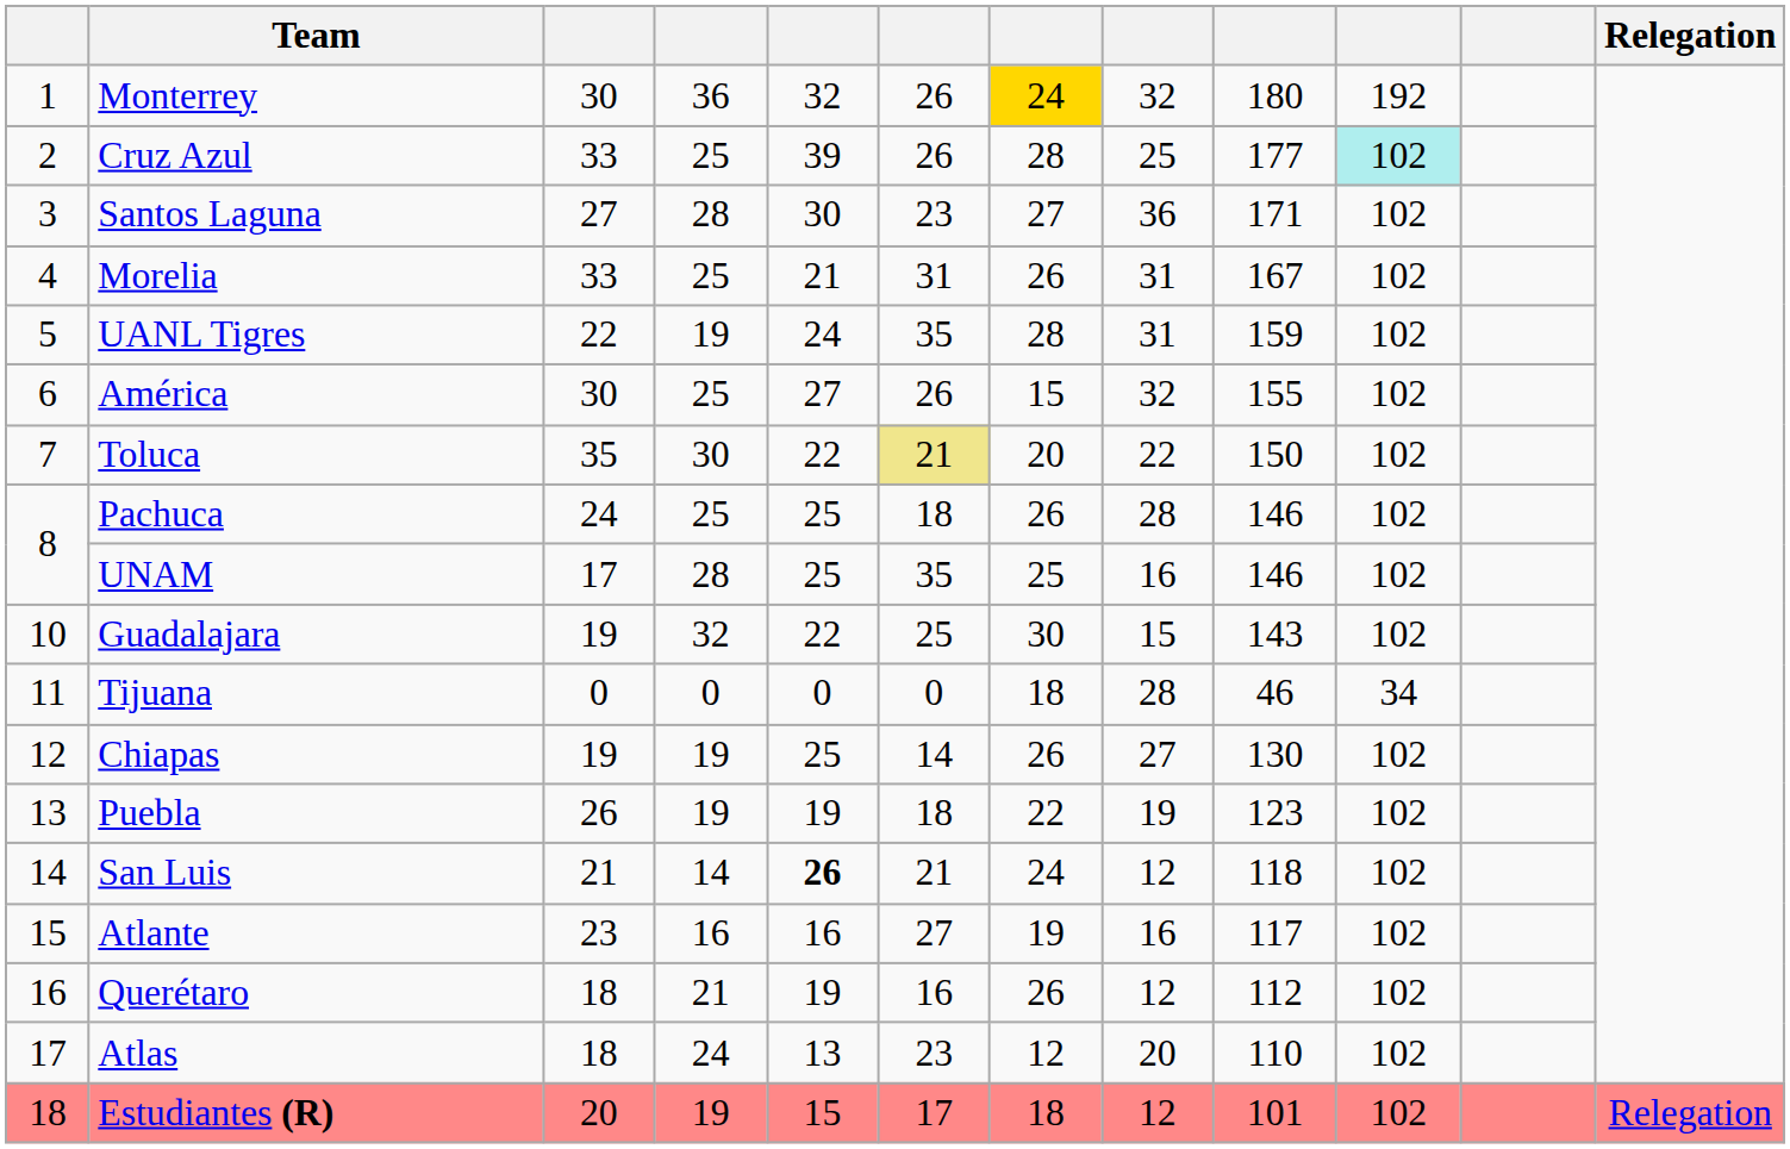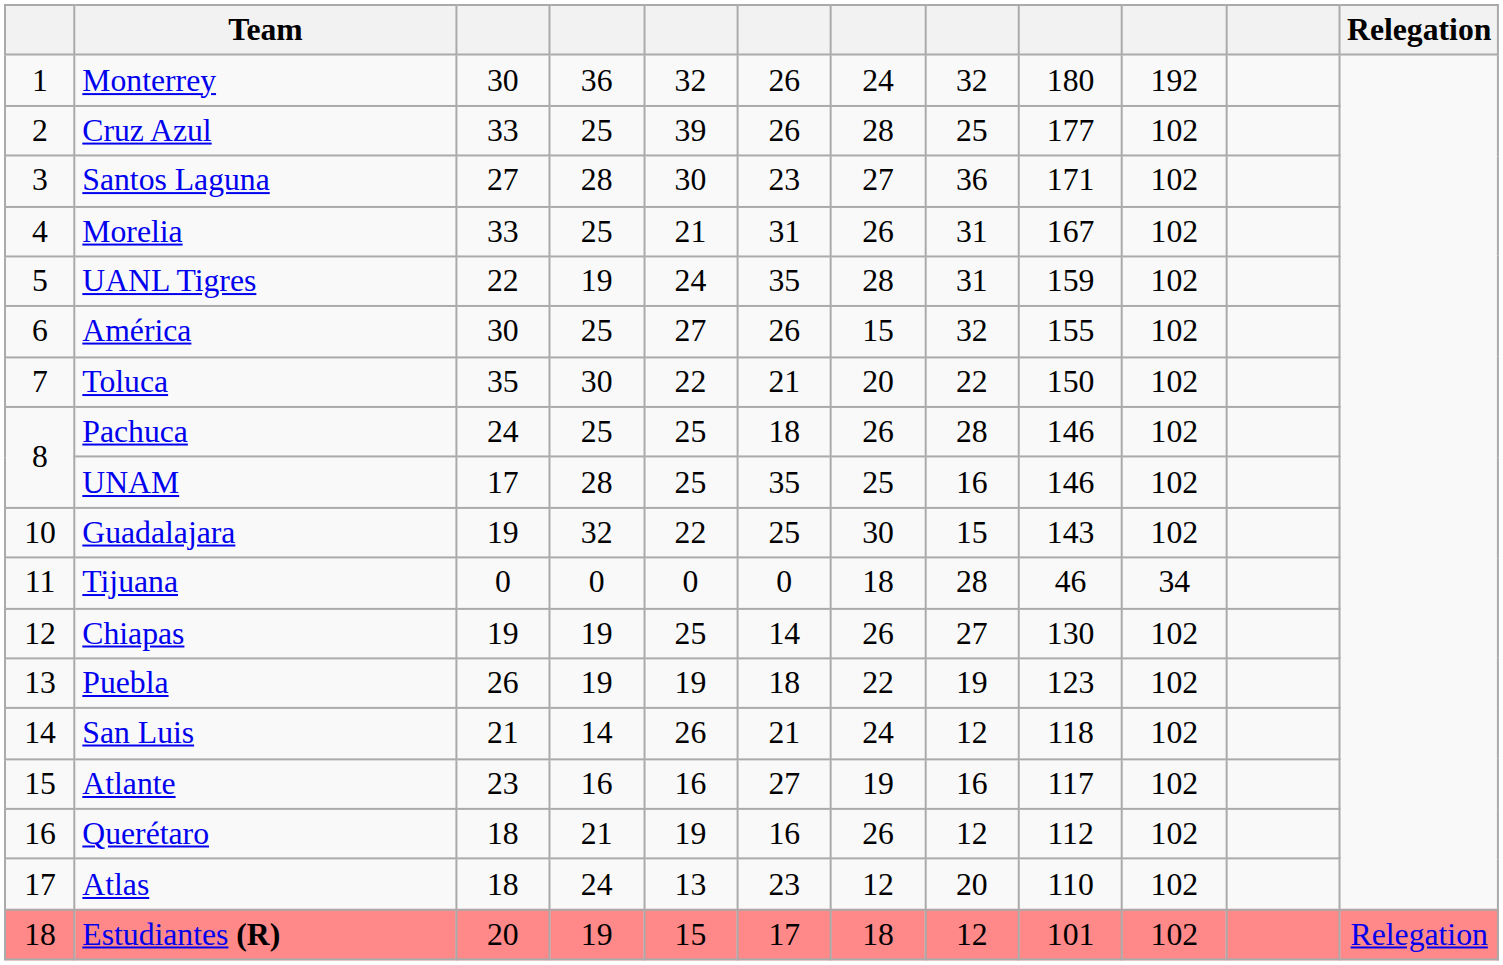 <table class="wikitable sortable" style="text-align: center;">
 <tr>
 <th width=28><br></th>
 <th width=185>Team</th>
 <th width=40></th>
 <th width=40></th>
 <th width=40></th>
 <th width=40></th>
 <th width=40></th>
 <th width=40></th>
 <th width=45></th>
 <th width=45></th>
 <th width=50><br></th>
 <th>Relegation</th>
 </tr>
 <tr>
 <td>1</td>
 <td align=left><a href='#'>Monterrey</a></td>
 <td>30</td>
 <td>36</td>
 <td>32</td>
 <td>26</td>
-<td style="background: gold;">24</td>
+<td>24</td>
 <td>32</td>
 <td>180</td>
 <td>192</td>
 <td><strong></strong></td>
 </tr>
 <tr>
 <td>2</td>
 <td align=left><a href='#'>Cruz Azul</a></td>
 <td>33</td>
 <td>25</td>
 <td>39</td>
 <td>26</td>
 <td>28</td>
 <td>25</td>
 <td>177</td>
-<td style="background: paleturquoise;">102</td>
+<td>102</td>
 <td><strong></strong></td>
 </tr>
 <tr>
 <td>3</td>
 <td align=left><a href='#'>Santos Laguna</a></td>
 <td>27</td>
 <td>28</td>
 <td>30</td>
 <td>23</td>
 <td>27</td>
 <td>36</td>
 <td>171</td>
 <td>102</td>
 <td><strong></strong></td>
 </tr>
 <tr>
 <td>4</td>
 <td align=left><a href='#'>Morelia</a></td>
 <td>33</td>
 <td>25</td>
 <td>21</td>
 <td>31</td>
 <td>26</td>
 <td>31</td>
 <td>167</td>
 <td>102</td>
 <td><strong></strong></td>
 </tr>
 <tr>
 <td>5</td>
 <td align=left><a href='#'>UANL Tigres</a></td>
 <td>22</td>
 <td>19</td>
 <td>24</td>
 <td>35</td>
 <td>28</td>
 <td>31</td>
 <td>159</td>
 <td>102</td>
 <td><strong></strong></td>
 </tr>
 <tr>
 <td>6</td>
 <td align=left><a href='#'>América</a></td>
 <td>30</td>
 <td>25</td>
 <td>27</td>
 <td>26</td>
 <td>15</td>
 <td>32</td>
 <td>155</td>
 <td>102</td>
 <td><strong></strong></td>
 </tr>
 <tr>
 <td>7</td>
 <td align=left><a href='#'>Toluca</a></td>
 <td>35</td>
 <td>30</td>
 <td>22</td>
-<td style="background: khaki;">21</td>
+<td>21</td>
 <td>20</td>
 <td>22</td>
 <td>150</td>
 <td>102</td>
 <td><strong></strong></td>
 </tr>
 <tr>
 <td rowspan=2>8</td>
 <td align=left><a href='#'>Pachuca</a></td>
 <td>24</td>
 <td>25</td>
 <td>25</td>
 <td>18</td>
 <td>26</td>
 <td>28</td>
 <td>146</td>
 <td>102</td>
 <td><strong></strong></td>
 </tr>
 <tr>
 <td align=left><a href='#'>UNAM</a></td>
 <td>17</td>
 <td>28</td>
 <td>25</td>
 <td>35</td>
 <td>25</td>
 <td>16</td>
 <td>146</td>
 <td>102</td>
 <td><strong></strong></td>
 </tr>
 <tr>
 <td>10</td>
 <td align=left><a href='#'>Guadalajara</a></td>
 <td>19</td>
 <td>32</td>
 <td>22</td>
 <td>25</td>
 <td>30</td>
 <td>15</td>
 <td>143</td>
 <td>102</td>
 <td><strong></strong></td>
 </tr>
 <tr>
 <td>11</td>
 <td align=left><a href='#'>Tijuana</a></td>
 <td>0</td>
 <td>0</td>
 <td>0</td>
 <td>0</td>
 <td>18</td>
 <td>28</td>
 <td>46</td>
 <td>34</td>
 <td><strong></strong></td>
 </tr>
 <tr>
 <td>12</td>
 <td align=left><a href='#'>Chiapas</a></td>
 <td>19</td>
 <td>19</td>
 <td>25</td>
 <td>14</td>
 <td>26</td>
 <td>27</td>
 <td>130</td>
 <td>102</td>
 <td><strong></strong></td>
 </tr>
 <tr>
 <td>13</td>
 <td align=left><a href='#'>Puebla</a></td>
 <td>26</td>
 <td>19</td>
 <td>19</td>
 <td>18</td>
 <td>22</td>
 <td>19</td>
 <td>123</td>
 <td>102</td>
 <td><strong></strong></td>
 </tr>
 <tr>
 <td>14</td>
 <td align=left><a href='#'>San Luis</a></td>
 <td>21</td>
 <td>14</td>
-<td><strong>26</strong></td>
+<td>26</td>
 <td>21</td>
 <td>24</td>
 <td>12</td>
 <td>118</td>
 <td>102</td>
 <td><strong></strong></td>
 </tr>
 <tr>
 <td>15</td>
 <td align=left><a href='#'>Atlante</a></td>
 <td>23</td>
 <td>16</td>
 <td>16</td>
 <td>27</td>
 <td>19</td>
 <td>16</td>
 <td>117</td>
 <td>102</td>
 <td><strong></strong></td>
 </tr>
 <tr>
 <td>16</td>
 <td align=left><a href='#'>Querétaro</a></td>
 <td>18</td>
 <td>21</td>
 <td>19</td>
 <td>16</td>
 <td>26</td>
 <td>12</td>
 <td>112</td>
 <td>102</td>
 <td><strong></strong></td>
 </tr>
 <tr>
 <td>17</td>
 <td align=left><a href='#'>Atlas</a></td>
 <td>18</td>
 <td>24</td>
 <td>13</td>
 <td>23</td>
 <td>12</td>
 <td>20</td>
 <td>110</td>
 <td>102</td>
 <td><strong></strong></td>
 </tr>
 <tr style="text-align:center; background:#ff8888;">
 <td>18</td>
 <td align=left><a href='#'>Estudiantes</a> <strong>(R)</strong></td>
 <td>20</td>
 <td>19</td>
 <td>15</td>
 <td>17</td>
 <td>18</td>
 <td>12</td>
 <td>101</td>
 <td>102</td>
 <td><strong></strong></td>
 <td><a href='#'>Relegation</a></td>
 </tr>
 </table>
